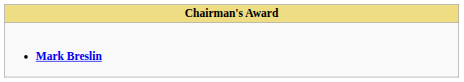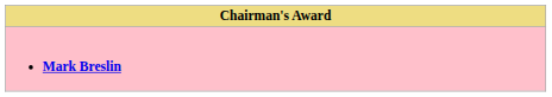 <table class="wikitable" style="width:50%;">
 <tr>
 <th style="background:#EEDD82; width:50%">Chairman's Award</th>
 </tr>
 <tr>
-<td valign="top"><br><ul><li> <strong><a href='#'>Mark Breslin</a></strong></li></ul></td>
+<td valign="top" style="background: pink;"><br><ul><li> <strong><a href='#'>Mark Breslin</a></strong></li></ul></td>
 </tr>
 </table>
